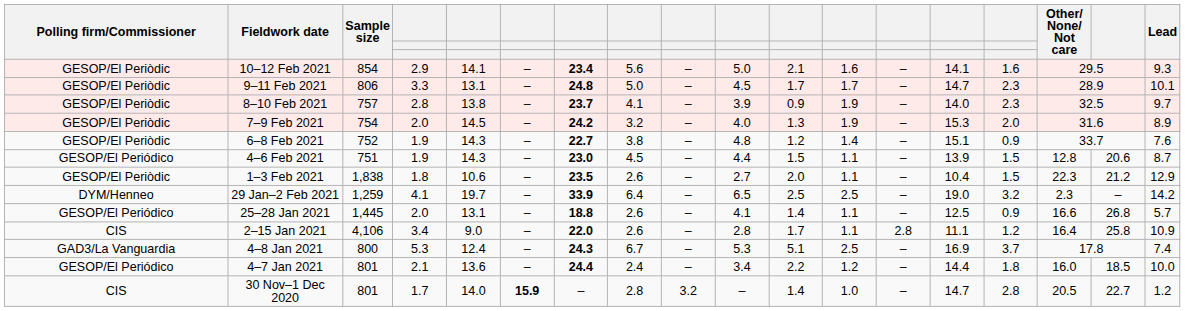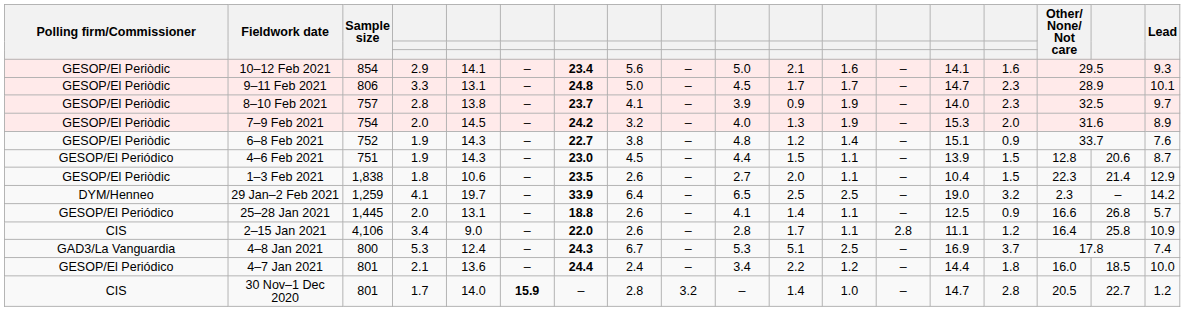 <table class="wikitable collapsible collapsed" style="text-align:center; font-size:90%; line-height:14px;">
 <tr style="height:42px;">
 <th style="width:250px;" rowspan="3">Polling firm/Commissioner</th>
 <th style="width:125px;" rowspan="3">Fieldwork date</th>
 <th style="width:50px;" rowspan="3">Sample size</th>
 <th style="width:55px;"></th>
 <th style="width:55px;"></th>
 <th style="width:55px;"></th>
 <th style="width:55px;"></th>
 <th style="width:55px;"></th>
 <th style="width:55px;"></th>
 <th style="width:55px;"></th>
 <th style="width:55px;"></th>
 <th style="width:55px;"></th>
 <th style="width:55px;"></th>
 <th style="width:55px;"></th>
 <th style="width:55px;"></th>
 <th style="width:55px;" rowspan="3">Other/<br>None/<br>Not<br>care</th>
 <th style="width:55px;" rowspan="3"></th>
 <th style="width:30px;" rowspan="3">Lead</th>
 </tr>
 <tr>
 <th style="color:inherit;background:"></th>
 <th style="color:inherit;background:"></th>
 <th style="color:inherit;background:"></th>
 <th style="color:inherit;background:"></th>
 <th style="color:inherit;background:"></th>
 <th style="color:inherit;background:"></th>
 <th style="color:inherit;background:"></th>
 <th style="color:inherit;background:"></th>
 <th style="color:inherit;background:"></th>
 <th style="color:inherit;background:"></th>
 <th style="color:inherit;background:"></th>
 <th style="color:inherit;background:"></th>
 </tr>
 <tr>
 <th></th>
 <th></th>
 <th></th>
 <th></th>
 <th></th>
 <th></th>
 <th></th>
 <th></th>
 <th></th>
 <th></th>
 <th></th>
 <th></th>
 </tr>
 <tr style="background:#FFEAEA;">
 <td>GESOP/El Periòdic</td>
 <td>10–12 Feb 2021</td>
 <td>854</td>
 <td>2.9</td>
 <td>14.1</td>
 <td>–</td>
 <td><strong>23.4</strong></td>
 <td>5.6</td>
 <td>–</td>
 <td>5.0</td>
 <td>2.1</td>
 <td>1.6</td>
 <td>–</td>
 <td>14.1</td>
 <td>1.6</td>
 <td colspan="2">29.5</td>
 <td style="background:">9.3</td>
 </tr>
 <tr style="background:#FFEAEA;">
 <td>GESOP/El Periòdic</td>
 <td>9–11 Feb 2021</td>
 <td>806</td>
 <td>3.3</td>
 <td>13.1</td>
 <td>–</td>
 <td><strong>24.8</strong></td>
 <td>5.0</td>
 <td>–</td>
 <td>4.5</td>
 <td>1.7</td>
 <td>1.7</td>
 <td>–</td>
 <td>14.7</td>
 <td>2.3</td>
 <td colspan="2">28.9</td>
 <td style="background:">10.1</td>
 </tr>
 <tr style="background:#FFEAEA;">
 <td>GESOP/El Periòdic</td>
 <td>8–10 Feb 2021</td>
 <td>757</td>
 <td>2.8</td>
 <td>13.8</td>
 <td>–</td>
 <td><strong>23.7</strong></td>
 <td>4.1</td>
 <td>–</td>
 <td>3.9</td>
 <td>0.9</td>
 <td>1.9</td>
 <td>–</td>
 <td>14.0</td>
 <td>2.3</td>
 <td colspan="2">32.5</td>
 <td style="background:">9.7</td>
 </tr>
 <tr style="background:#FFEAEA;">
 <td>GESOP/El Periòdic</td>
 <td>7–9 Feb 2021</td>
 <td>754</td>
 <td>2.0</td>
 <td>14.5</td>
 <td>–</td>
 <td><strong>24.2</strong></td>
 <td>3.2</td>
 <td>–</td>
 <td>4.0</td>
 <td>1.3</td>
 <td>1.9</td>
 <td>–</td>
 <td>15.3</td>
 <td>2.0</td>
 <td colspan="2">31.6</td>
 <td style="background:">8.9</td>
 </tr>
 <tr>
 <td>GESOP/El Periòdic</td>
 <td>6–8 Feb 2021</td>
 <td>752</td>
 <td>1.9</td>
 <td>14.3</td>
 <td>–</td>
 <td><strong>22.7</strong></td>
 <td>3.8</td>
 <td>–</td>
 <td>4.8</td>
 <td>1.2</td>
 <td>1.4</td>
 <td>–</td>
 <td>15.1</td>
 <td>0.9</td>
 <td colspan="2">33.7</td>
 <td style="background:">7.6</td>
 </tr>
 <tr>
 <td>GESOP/El Periódico</td>
 <td>4–6 Feb 2021</td>
 <td>751</td>
 <td>1.9</td>
 <td>14.3</td>
 <td>–</td>
 <td><strong>23.0</strong></td>
 <td>4.5</td>
 <td>–</td>
 <td>4.4</td>
 <td>1.5</td>
 <td>1.1</td>
 <td>–</td>
 <td>13.9</td>
 <td>1.5</td>
 <td>12.8</td>
 <td>20.6</td>
 <td style="background:">8.7</td>
 </tr>
 <tr>
 <td>GESOP/El Periòdic</td>
 <td>1–3 Feb 2021</td>
 <td>1,838</td>
 <td>1.8</td>
 <td>10.6</td>
 <td>–</td>
 <td><strong>23.5</strong></td>
 <td>2.6</td>
 <td>–</td>
 <td>2.7</td>
 <td>2.0</td>
 <td>1.1</td>
 <td>–</td>
 <td>10.4</td>
 <td>1.5</td>
 <td>22.3</td>
-<td>21.2</td>
+<td>21.4</td>
 <td style="background:">12.9</td>
 </tr>
 <tr>
 <td>DYM/Henneo</td>
 <td>29 Jan–2 Feb 2021</td>
 <td>1,259</td>
 <td>4.1</td>
 <td>19.7</td>
 <td>–</td>
 <td><strong>33.9</strong></td>
 <td>6.4</td>
 <td>–</td>
 <td>6.5</td>
 <td>2.5</td>
 <td>2.5</td>
 <td>–</td>
 <td>19.0</td>
 <td>3.2</td>
 <td>2.3</td>
 <td>–</td>
 <td style="background:">14.2</td>
 </tr>
 <tr>
 <td>GESOP/El Periódico</td>
 <td>25–28 Jan 2021</td>
 <td>1,445</td>
 <td>2.0</td>
 <td>13.1</td>
 <td>–</td>
 <td><strong>18.8</strong></td>
 <td>2.6</td>
 <td>–</td>
 <td>4.1</td>
 <td>1.4</td>
 <td>1.1</td>
 <td>–</td>
 <td>12.5</td>
 <td>0.9</td>
 <td>16.6</td>
 <td>26.8</td>
 <td style="background:">5.7</td>
 </tr>
 <tr>
 <td>CIS</td>
 <td>2–15 Jan 2021</td>
 <td>4,106</td>
 <td>3.4</td>
 <td>9.0</td>
 <td>–</td>
 <td><strong>22.0</strong></td>
 <td>2.6</td>
 <td>–</td>
 <td>2.8</td>
 <td>1.7</td>
 <td>1.1</td>
 <td>2.8</td>
 <td>11.1</td>
 <td>1.2</td>
 <td>16.4</td>
 <td>25.8</td>
 <td style="background:">10.9</td>
 </tr>
 <tr>
 <td>GAD3/La Vanguardia</td>
 <td>4–8 Jan 2021</td>
 <td>800</td>
 <td>5.3</td>
 <td>12.4</td>
 <td>–</td>
 <td><strong>24.3</strong></td>
 <td>6.7</td>
 <td>–</td>
 <td>5.3</td>
 <td>5.1</td>
 <td>2.5</td>
 <td>–</td>
 <td>16.9</td>
 <td>3.7</td>
 <td colspan="2">17.8</td>
 <td style="background:">7.4</td>
 </tr>
 <tr>
 <td>GESOP/El Periódico</td>
 <td>4–7 Jan 2021</td>
 <td>801</td>
 <td>2.1</td>
 <td>13.6</td>
 <td>–</td>
 <td><strong>24.4</strong></td>
 <td>2.4</td>
 <td>–</td>
 <td>3.4</td>
 <td>2.2</td>
 <td>1.2</td>
 <td>–</td>
 <td>14.4</td>
 <td>1.8</td>
 <td>16.0</td>
 <td>18.5</td>
 <td style="background:">10.0</td>
 </tr>
 <tr>
 <td>CIS</td>
 <td>30 Nov–1 Dec 2020</td>
 <td>801</td>
 <td>1.7</td>
 <td>14.0</td>
 <td><strong>15.9</strong></td>
 <td>–</td>
 <td>2.8</td>
 <td>3.2</td>
 <td>–</td>
 <td>1.4</td>
 <td>1.0</td>
 <td>–</td>
 <td>14.7</td>
 <td>2.8</td>
 <td>20.5</td>
 <td>22.7</td>
 <td style="background:">1.2</td>
 </tr>
 </table>
